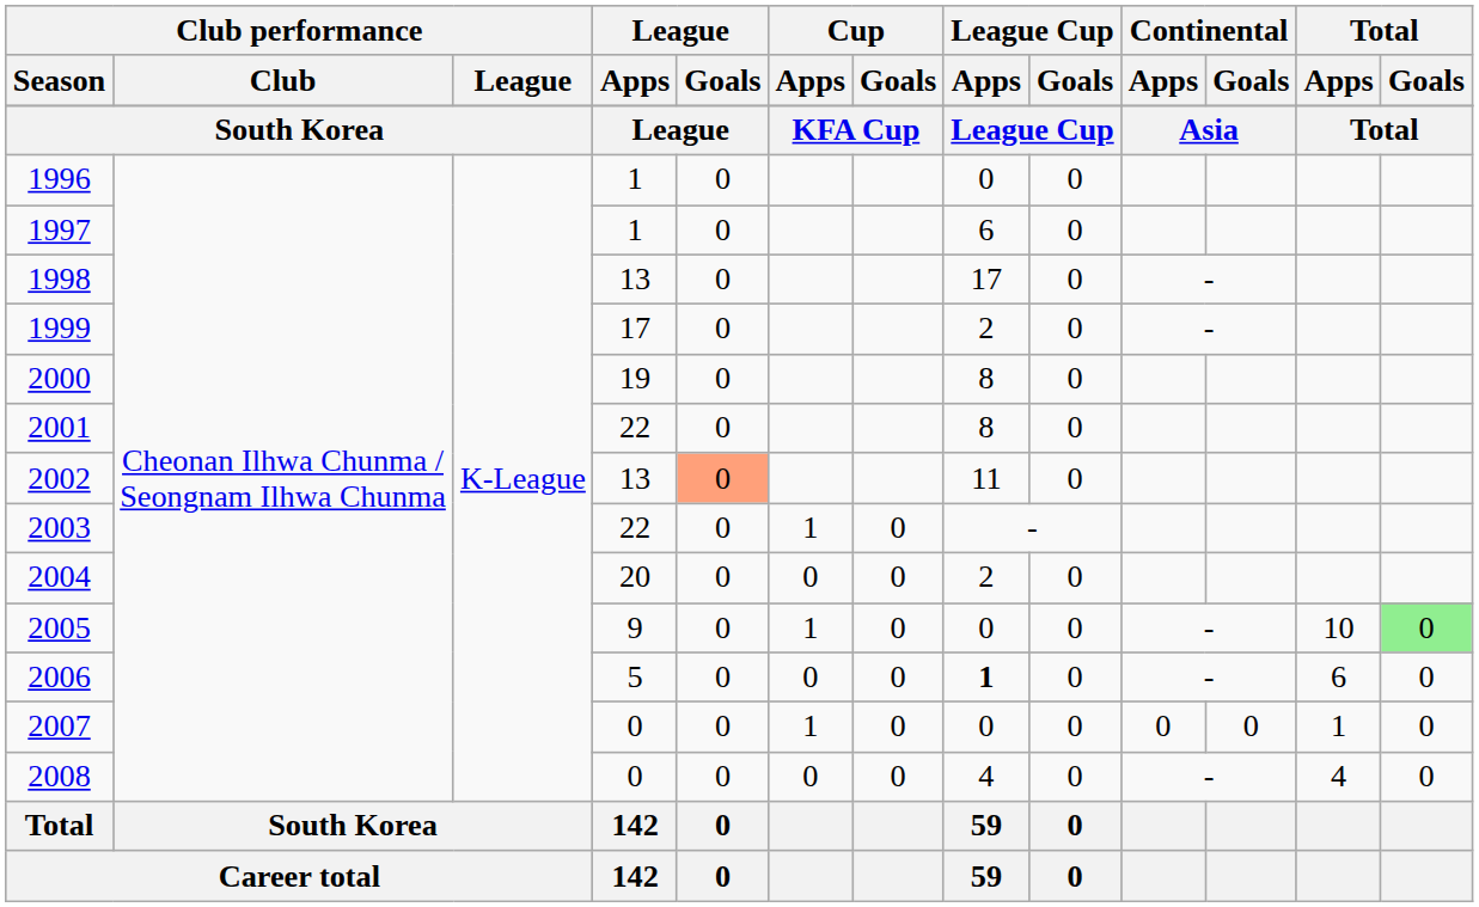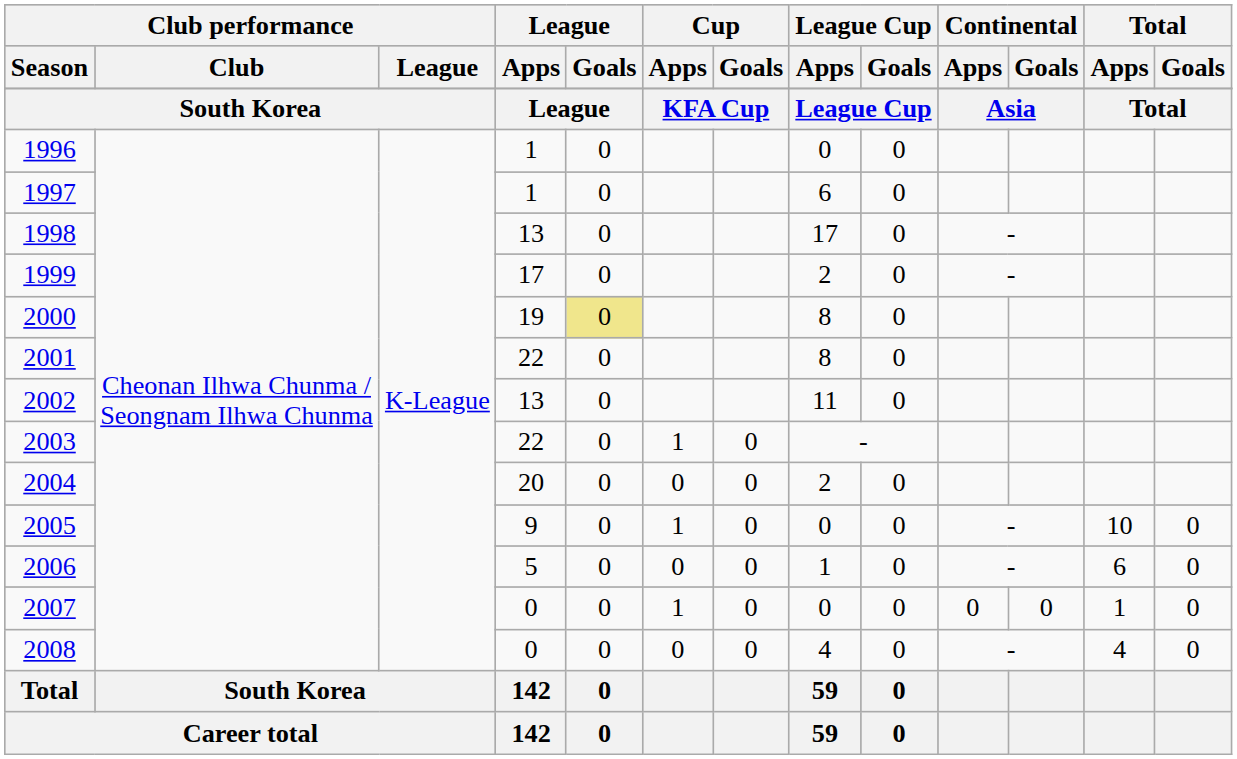 <table class="wikitable" style="text-align:center">
 <tr>
 <th colspan=3>Club performance</th>
 <th colspan=2>League</th>
 <th colspan=2>Cup</th>
 <th colspan=2>League Cup</th>
 <th colspan=2>Continental</th>
 <th colspan=2>Total</th>
 </tr>
 <tr>
 <th>Season</th>
 <th>Club</th>
 <th>League</th>
 <th>Apps</th>
 <th>Goals</th>
 <th>Apps</th>
 <th>Goals</th>
 <th>Apps</th>
 <th>Goals</th>
 <th>Apps</th>
 <th>Goals</th>
 <th>Apps</th>
 <th>Goals</th>
 </tr>
 <tr>
 </tr>
 <tr>
 <th colspan=3>South Korea</th>
 <th colspan=2>League</th>
 <th colspan=2><a href='#'>KFA Cup</a></th>
 <th colspan=2><a href='#'>League Cup</a></th>
 <th colspan=2><a href='#'>Asia</a></th>
 <th colspan=2>Total</th>
 </tr>
 <tr>
 <td><a href='#'>1996</a></td>
 <td rowspan="13"><a href='#'>Cheonan Ilhwa Chunma /<br> Seongnam Ilhwa Chunma</a></td>
 <td rowspan="13"><a href='#'>K-League</a></td>
 <td>1</td>
 <td>0</td>
 <td></td>
 <td></td>
 <td>0</td>
 <td>0</td>
 <td></td>
 <td></td>
 <td></td>
 <td></td>
 </tr>
 <tr>
 <td><a href='#'>1997</a></td>
 <td>1</td>
 <td>0</td>
 <td></td>
 <td></td>
 <td>6</td>
 <td>0</td>
 <td></td>
 <td></td>
 <td></td>
 <td></td>
 </tr>
 <tr>
 <td><a href='#'>1998</a></td>
 <td>13</td>
 <td>0</td>
 <td></td>
 <td></td>
 <td>17</td>
 <td>0</td>
 <td colspan="2">-</td>
 <td></td>
 <td></td>
 </tr>
 <tr>
 <td><a href='#'>1999</a></td>
 <td>17</td>
 <td>0</td>
 <td></td>
 <td></td>
 <td>2</td>
 <td>0</td>
 <td colspan="2">-</td>
 <td></td>
 <td></td>
 </tr>
 <tr>
 <td><a href='#'>2000</a></td>
 <td>19</td>
-<td>0</td>
+<td style="background: khaki;">0</td>
 <td></td>
 <td></td>
 <td>8</td>
 <td>0</td>
 <td></td>
 <td></td>
 <td></td>
 <td></td>
 </tr>
 <tr>
 <td><a href='#'>2001</a></td>
 <td>22</td>
 <td>0</td>
 <td></td>
 <td></td>
 <td>8</td>
 <td>0</td>
 <td></td>
 <td></td>
 <td></td>
 <td></td>
 </tr>
 <tr>
 <td><a href='#'>2002</a></td>
 <td>13</td>
-<td style="background: lightsalmon;">0</td>
+<td>0</td>
 <td></td>
 <td></td>
 <td>11</td>
 <td>0</td>
 <td></td>
 <td></td>
 <td></td>
 <td></td>
 </tr>
 <tr>
 <td><a href='#'>2003</a></td>
 <td>22</td>
 <td>0</td>
 <td>1</td>
 <td>0</td>
 <td colspan="2">-</td>
 <td></td>
 <td></td>
 <td></td>
 <td></td>
 </tr>
 <tr>
 <td><a href='#'>2004</a></td>
 <td>20</td>
 <td>0</td>
 <td>0</td>
 <td>0</td>
 <td>2</td>
 <td>0</td>
 <td></td>
 <td></td>
 <td></td>
 <td></td>
 </tr>
 <tr>
 <td><a href='#'>2005</a></td>
 <td>9</td>
 <td>0</td>
 <td>1</td>
 <td>0</td>
 <td>0</td>
 <td>0</td>
 <td colspan="2">-</td>
 <td>10</td>
-<td style="background: lightgreen;">0</td>
+<td>0</td>
 </tr>
 <tr>
 <td><a href='#'>2006</a></td>
 <td>5</td>
 <td>0</td>
 <td>0</td>
 <td>0</td>
-<td><strong>1</strong></td>
+<td>1</td>
 <td>0</td>
 <td colspan="2">-</td>
 <td>6</td>
 <td>0</td>
 </tr>
 <tr>
 <td><a href='#'>2007</a></td>
 <td>0</td>
 <td>0</td>
 <td>1</td>
 <td>0</td>
 <td>0</td>
 <td>0</td>
 <td>0</td>
 <td>0</td>
 <td>1</td>
 <td>0</td>
 </tr>
 <tr>
 <td><a href='#'>2008</a></td>
 <td>0</td>
 <td>0</td>
 <td>0</td>
 <td>0</td>
 <td>4</td>
 <td>0</td>
 <td colspan="2">-</td>
 <td>4</td>
 <td>0</td>
 </tr>
 <tr>
 <th rowspan=1>Total</th>
 <th colspan=2>South Korea</th>
 <th>142</th>
 <th>0</th>
 <th></th>
 <th></th>
 <th>59</th>
 <th>0</th>
 <th></th>
 <th></th>
 <th></th>
 <th></th>
 </tr>
 <tr>
 <th colspan=3>Career total</th>
 <th>142</th>
 <th>0</th>
 <th></th>
 <th></th>
 <th>59</th>
 <th>0</th>
 <th></th>
 <th></th>
 <th></th>
 <th></th>
 </tr>
 </table>
